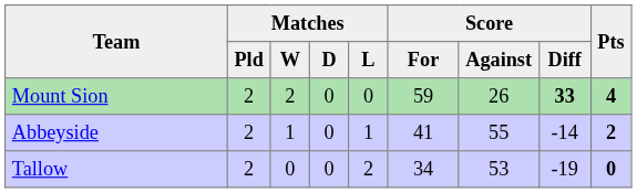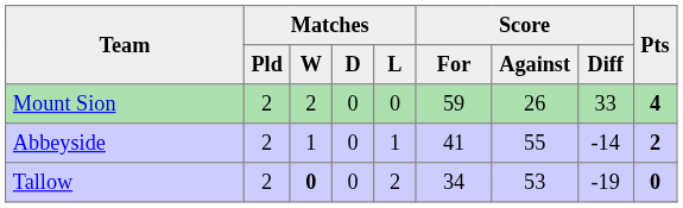 <table style=border-collapse:collapse border=1 cellspacing=0 cellpadding=5>
 <tr align=center bgcolor=#efefef>
 <th rowspan=2 width=165>Team</th>
 <th colspan=4>Matches</th>
 <th colspan=3>Score</th>
 <th rowspan=2width=20>Pts</th>
 </tr>
 <tr align=center bgcolor=#efefef>
 <th width=20>Pld</th>
 <th width=20>W</th>
 <th width=20>D</th>
 <th width=20>L</th>
 <th width=45>For</th>
 <th width=45>Against</th>
 <th width=30>Diff</th>
 </tr>
 <tr align=center  style="background:#ACE1AF;">
 <td style="text-align:left;"><a href='#'>Mount Sion</a></td>
 <td>2</td>
 <td>2</td>
 <td>0</td>
 <td>0</td>
 <td>59</td>
 <td>26</td>
-<td><strong>33</strong></td>
+<td>33</td>
 <td><strong>4</strong></td>
 </tr>
 <tr align=center  style="background:#ccccff;">
 <td style="text-align:left;"><a href='#'>Abbeyside</a></td>
 <td>2</td>
 <td>1</td>
 <td>0</td>
 <td>1</td>
 <td>41</td>
 <td>55</td>
 <td>-14</td>
 <td><strong>2</strong></td>
 </tr>
 <tr align=center style="background:#ccccff;">
 <td style="text-align:left;"><a href='#'>Tallow</a></td>
 <td>2</td>
-<td>0</td>
+<td><strong>0</strong></td>
 <td>0</td>
 <td>2</td>
 <td>34</td>
 <td>53</td>
 <td>-19</td>
 <td><strong>0</strong></td>
 </tr>
 </table>
